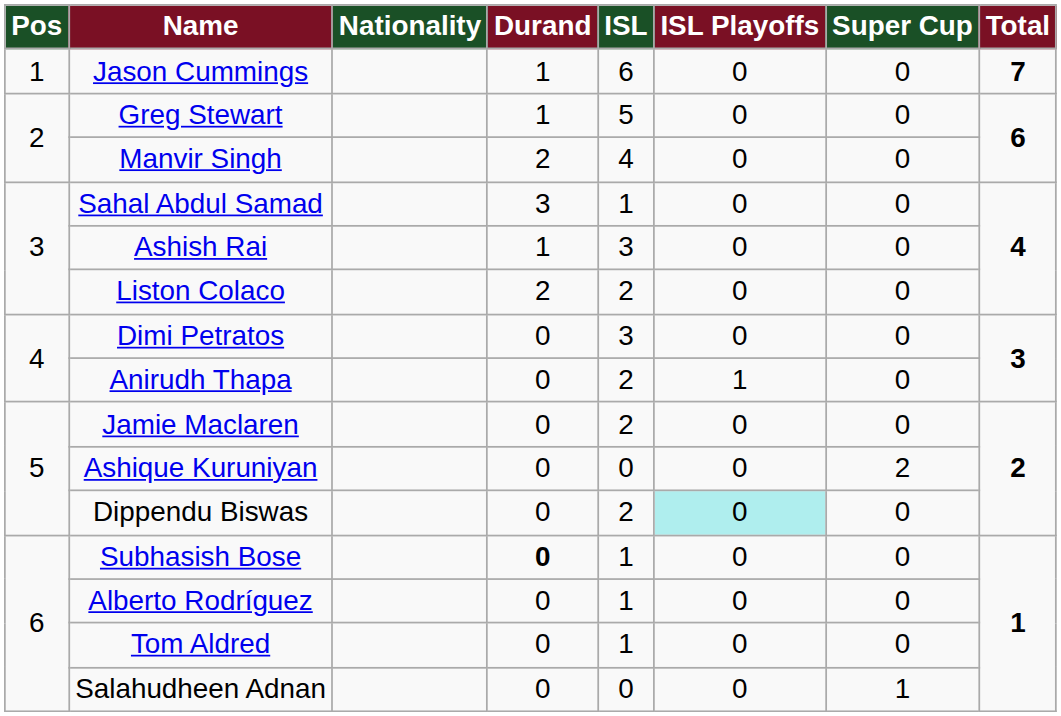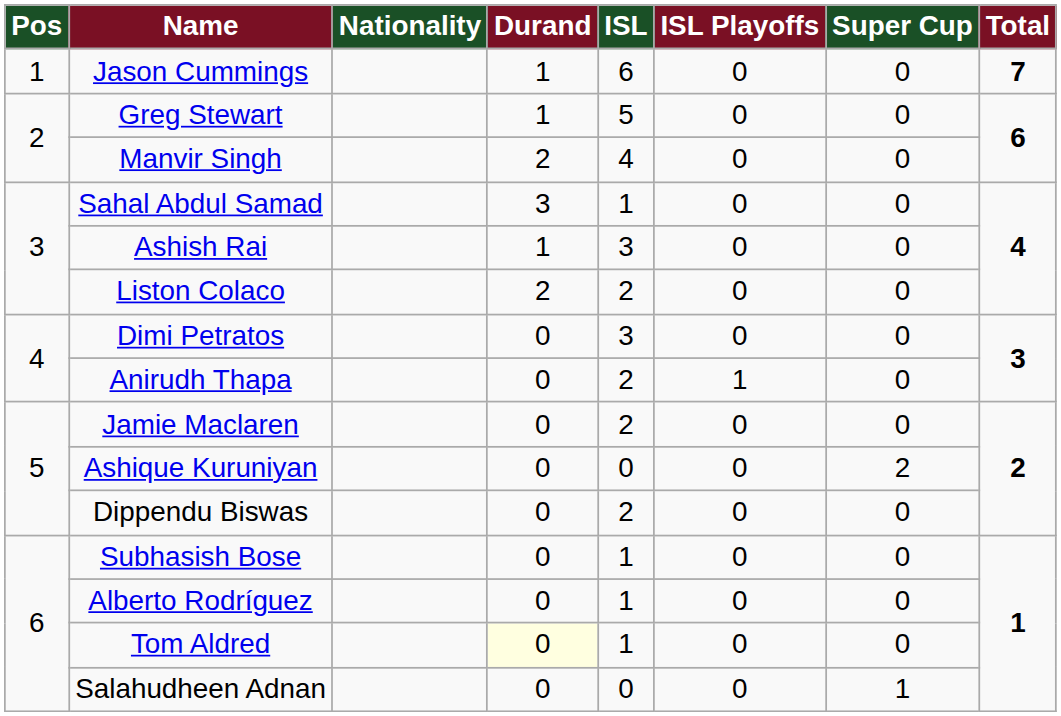 <table class="wikitable" margin-left:1em;float:center>
 <tr>
 <th style="background:#1A5026; color:white; text-align:center;">Pos</th>
 <th style="background:#7A1024; color:white; text-align:center;">Name</th>
 <th style="background:#1A5026;  color:white; text-align:center;">Nationality</th>
 <th style="background:#7A1024; color:white; text-align:center;">Durand</th>
 <th style="background:#1A5026; color:white; text-align:center;">ISL</th>
 <th style="background:#7A1024; color:white; text-align:center;">ISL Playoffs</th>
 <th style="background:#1A5026; color:white; text-align:center;">Super Cup</th>
 <th style="background:#7A1024; color:white; text-align:center;">Total</th>
 </tr>
 <tr>
 <td rowspan="1"style="text-align:center">1</td>
 <td style="text-align:center"><a href='#'>Jason Cummings</a></td>
 <td style="text-align:center"></td>
 <td style="text-align:center">1</td>
 <td style="text-align:center">6</td>
 <td style="text-align:center">0</td>
 <td style="text-align:center">0</td>
 <td style="text-align:center"><strong>7</strong></td>
 </tr>
 <tr>
 <td rowspan="2"style="text-align:center">2</td>
 <td style="text-align:center"><a href='#'>Greg Stewart</a></td>
 <td style="text-align:center"></td>
 <td style="text-align:center">1</td>
 <td style="text-align:center">5</td>
 <td style="text-align:center">0</td>
 <td style="text-align:center">0</td>
 <td rowspan="2" style="text-align:center"><strong>6</strong></td>
 </tr>
 <tr>
 <td style="text-align:center"><a href='#'>Manvir Singh</a></td>
 <td style="text-align:center"></td>
 <td style="text-align:center">2</td>
 <td style="text-align:center">4</td>
 <td style="text-align:center">0</td>
 <td style="text-align:center">0</td>
 </tr>
 <tr>
 <td rowspan="3"style="text-align:center">3</td>
 <td style="text-align:center"><a href='#'>Sahal Abdul Samad</a></td>
 <td style="text-align:center"></td>
 <td style="text-align:center">3</td>
 <td style="text-align:center">1</td>
 <td style="text-align:center">0</td>
 <td style="text-align:center">0</td>
 <td rowspan="3"style="text-align:center"><strong>4</strong></td>
 </tr>
 <tr>
 <td style="text-align:center"><a href='#'>Ashish Rai</a></td>
 <td style="text-align:center"></td>
 <td style="text-align:center">1</td>
 <td style="text-align:center">3</td>
 <td style="text-align:center">0</td>
 <td style="text-align:center">0</td>
 </tr>
 <tr>
 <td style="text-align:center"><a href='#'>Liston Colaco</a></td>
 <td style="text-align:center"></td>
 <td style="text-align:center">2</td>
 <td style="text-align:center">2</td>
 <td style="text-align:center">0</td>
 <td style="text-align:center">0</td>
 </tr>
 <tr>
 <td rowspan="2"style="text-align:center">4</td>
 <td style="text-align:center"><a href='#'>Dimi Petratos</a></td>
 <td style="text-align:center"></td>
 <td style="text-align:center">0</td>
 <td style="text-align:center">3</td>
 <td style="text-align:center">0</td>
 <td style="text-align:center">0</td>
 <td rowspan="2"style="text-align:center"><strong>3</strong></td>
 </tr>
 <tr>
 <td style="text-align:center"><a href='#'>Anirudh Thapa</a></td>
 <td style="text-align:center"></td>
 <td style="text-align:center">0</td>
 <td style="text-align:center">2</td>
 <td style="text-align:center">1</td>
 <td style="text-align:center">0</td>
 </tr>
 <tr>
 <td rowspan="3"style="text-align:center">5</td>
 <td style="text-align:center"><a href='#'>Jamie Maclaren</a></td>
 <td style="text-align:center"></td>
 <td style="text-align:center">0</td>
 <td style="text-align:center">2</td>
 <td style="text-align:center">0</td>
 <td style="text-align:center">0</td>
 <td rowspan="3"style="text-align:center"><strong>2</strong></td>
 </tr>
 <tr>
 <td style="text-align:center"><a href='#'>Ashique Kuruniyan</a></td>
 <td style="text-align:center"></td>
 <td style="text-align:center">0</td>
 <td style="text-align:center">0</td>
 <td style="text-align:center">0</td>
 <td style="text-align:center">2</td>
 </tr>
 <tr>
 <td style="text-align:center">Dippendu Biswas</td>
 <td style="text-align:center"></td>
 <td style="text-align:center">0</td>
 <td style="text-align:center">2</td>
-<td style="background: paleturquoise; text-align:center">0</td>
+<td style="text-align:center">0</td>
 <td style="text-align:center">0</td>
 </tr>
 <tr>
 <td rowspan="4"style="text-align:center">6</td>
 <td style="text-align:center"><a href='#'>Subhasish Bose</a></td>
 <td style="text-align:center"></td>
-<td style="text-align:center"><strong>0</strong></td>
+<td style="text-align:center">0</td>
 <td style="text-align:center">1</td>
 <td style="text-align:center">0</td>
 <td style="text-align:center">0</td>
 <td rowspan="4" style="text-align:center"><strong>1</strong></td>
 </tr>
 <tr>
 <td style="text-align:center"><a href='#'>Alberto Rodríguez</a></td>
 <td style="text-align:center"></td>
 <td style="text-align:center">0</td>
 <td style="text-align:center">1</td>
 <td style="text-align:center">0</td>
 <td style="text-align:center">0</td>
 </tr>
 <tr>
 <td style="text-align:center"><a href='#'>Tom Aldred</a></td>
 <td style="text-align:center"></td>
-<td style="text-align:center">0</td>
+<td style="background: lightyellow; text-align:center">0</td>
 <td style="text-align:center">1</td>
 <td style="text-align:center">0</td>
 <td style="text-align:center">0</td>
 </tr>
 <tr>
 <td style="text-align:center">Salahudheen Adnan</td>
 <td style="text-align:center"></td>
 <td style="text-align:center">0</td>
 <td style="text-align:center">0</td>
 <td style="text-align:center">0</td>
 <td style="text-align:center">1</td>
 </tr>
 </table>
